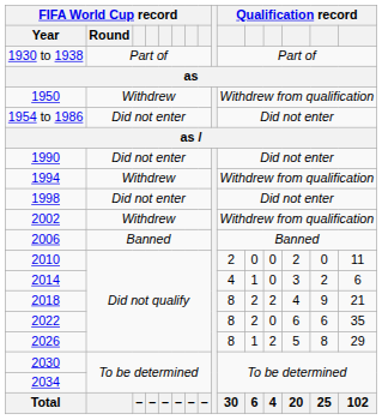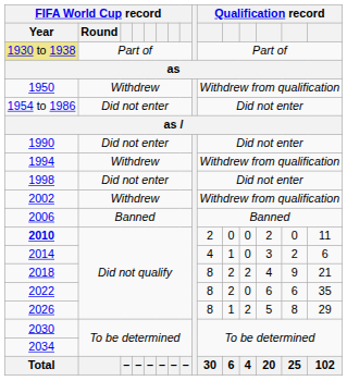 <table class="wikitable" style="text-align: center;">
 <tr>
 <th colspan=8><a href='#'>FIFA World Cup</a> record</th>
 <th rowspan="3"></th>
 <th colspan=6><a href='#'>Qualification</a> record</th>
 </tr>
 <tr>
 <th>Year</th>
 <th>Round</th>
 <th></th>
 <th></th>
 <th></th>
 <th></th>
 <th></th>
 <th></th>
 <th></th>
 <th></th>
 <th></th>
 <th></th>
 <th></th>
 <th></th>
 </tr>
 <tr>
-<td><a href='#'>1930</a> to <a href='#'>1938</a></td>
+<td style="background: khaki;"><a href='#'>1930</a> to <a href='#'>1938</a></td>
 <td rowspan="1" colspan="7"><em>Part of </em></td>
 <td colspan="6"><em>Part of </em></td>
 </tr>
 <tr>
 <th colspan=15>as <strong></strong></th>
 </tr>
 <tr>
 <td> <a href='#'>1950</a></td>
 <td colspan="7"><em>Withdrew</em></td>
 <th rowspan=2></th>
 <td colspan="6"><em>Withdrew from qualification</em></td>
 </tr>
 <tr>
 <td><a href='#'>1954</a> to <a href='#'>1986</a></td>
 <td colspan="7"><em>Did not enter</em></td>
 <td colspan="6"><em>Did not enter</em></td>
 </tr>
 <tr>
 <th colspan=15>as <strong> / </strong></th>
 </tr>
 <tr>
 <td> <a href='#'>1990</a></td>
 <td colspan="7"><em>Did not enter</em></td>
 <th rowspan=13></th>
 <td colspan="6"><em>Did not enter</em></td>
 </tr>
 <tr>
 <td> <a href='#'>1994</a></td>
 <td colspan="7"><em>Withdrew</em></td>
 <td colspan="6"><em>Withdrew from qualification</em></td>
 </tr>
 <tr>
 <td> <a href='#'>1998</a></td>
 <td colspan="7"><em>Did not enter</em></td>
 <td colspan="6"><em>Did not enter</em></td>
 </tr>
 <tr>
 <td>  <a href='#'>2002</a></td>
 <td colspan="7"><em>Withdrew</em></td>
 <td colspan="6"><em>Withdrew from qualification</em></td>
 </tr>
 <tr>
 <td> <a href='#'>2006</a></td>
 <td colspan="7"><em>Banned</em></td>
 <td colspan="6"><em>Banned</em></td>
 </tr>
 <tr>
-<td> <a href='#'>2010</a></td>
+<td><strong> <a href='#'>2010</a></strong></td>
 <td rowspan="5" colspan="7"><em>Did not qualify</em></td>
 <td>2</td>
 <td>0</td>
 <td>0</td>
 <td>2</td>
 <td>0</td>
 <td>11</td>
 </tr>
 <tr>
 <td> <a href='#'>2014</a></td>
 <td>4</td>
 <td>1</td>
 <td>0</td>
 <td>3</td>
 <td>2</td>
 <td>6</td>
 </tr>
 <tr>
 <td> <a href='#'>2018</a></td>
 <td>8</td>
 <td>2</td>
 <td>2</td>
 <td>4</td>
 <td>9</td>
 <td>21</td>
 </tr>
 <tr>
 <td> <a href='#'>2022</a></td>
 <td>8</td>
 <td>2</td>
 <td>0</td>
 <td>6</td>
 <td>6</td>
 <td>35</td>
 </tr>
 <tr>
 <td>   <a href='#'>2026</a></td>
 <td>8</td>
 <td>1</td>
 <td>2</td>
 <td>5</td>
 <td>8</td>
 <td>29</td>
 </tr>
 <tr>
 <td>   <a href='#'>2030</a></td>
 <td colspan=7 rowspan=2><em>To be determined</em></td>
 <td colspan=6 rowspan=2><em>To be determined</em></td>
 </tr>
 <tr>
 <td> <a href='#'>2034</a></td>
 </tr>
 <tr>
 <th>Total</th>
 <th></th>
 <th>–</th>
 <th>–</th>
 <th>–</th>
 <th>–</th>
 <th>–</th>
 <th>–</th>
 <th>30</th>
 <th>6</th>
 <th>4</th>
 <th>20</th>
 <th>25</th>
 <th>102</th>
 </tr>
 </table>
